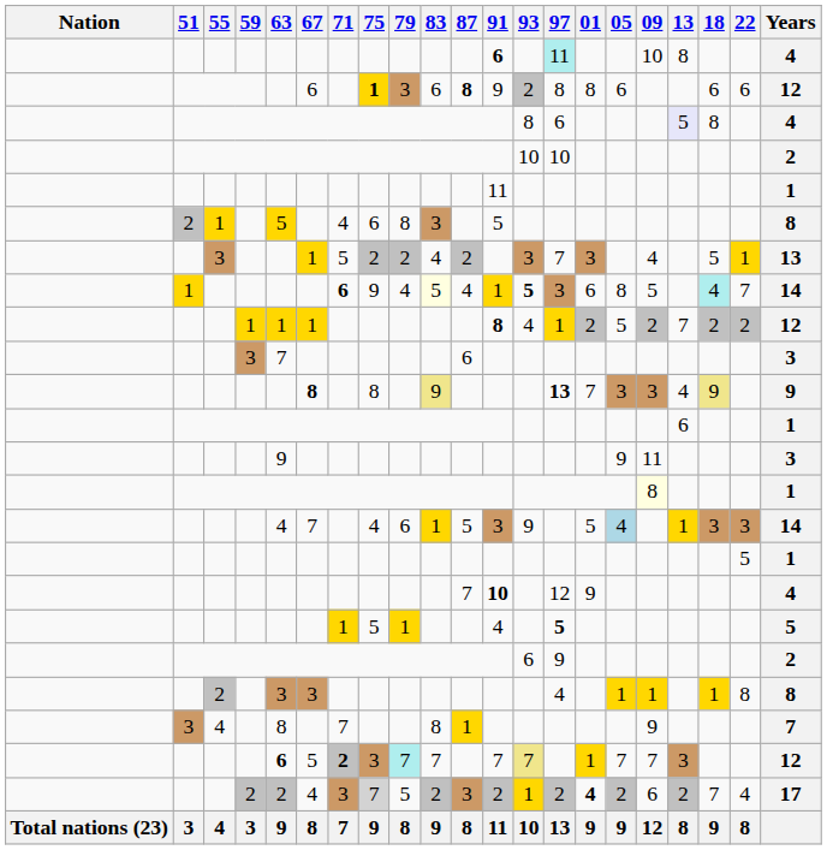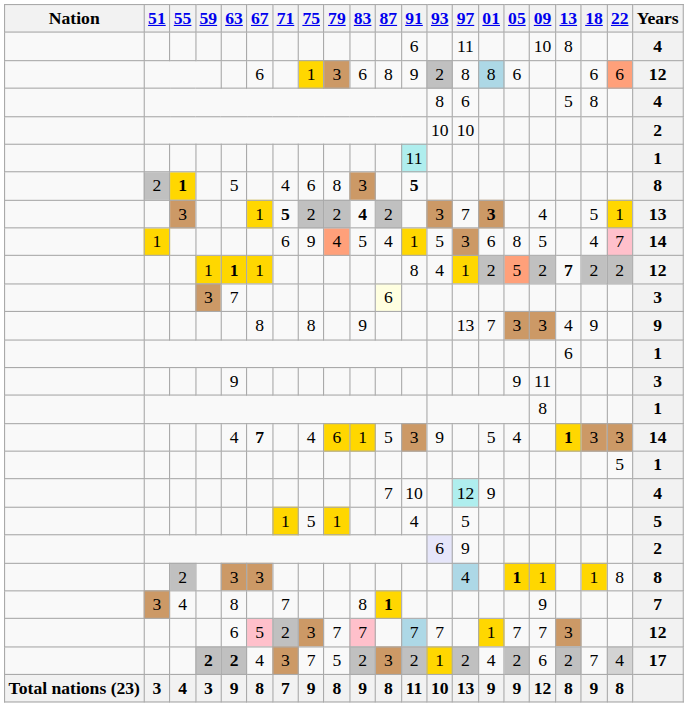 <table class="wikitable" style="text-align:center">
 <tr>
 <th>Nation</th>
 <th><a href='#'>51</a></th>
 <th><a href='#'>55</a></th>
 <th><a href='#'>59</a></th>
 <th><a href='#'>63</a></th>
 <th><a href='#'>67</a></th>
 <th><a href='#'>71</a></th>
 <th><a href='#'>75</a></th>
 <th><a href='#'>79</a></th>
 <th><a href='#'>83</a></th>
 <th><a href='#'>87</a></th>
 <th><a href='#'>91</a></th>
 <th><a href='#'>93</a></th>
 <th><a href='#'>97</a></th>
 <th><a href='#'>01</a></th>
 <th><a href='#'>05</a></th>
 <th><a href='#'>09</a></th>
 <th><a href='#'>13</a></th>
 <th><a href='#'>18</a></th>
 <th><a href='#'>22</a></th>
 <th>Years</th>
 </tr>
 <tr>
 <td align=left></td>
 <td></td>
 <td></td>
 <td></td>
 <td></td>
 <td></td>
 <td></td>
 <td></td>
 <td></td>
 <td></td>
 <td></td>
-<td><strong>6</strong></td>
+<td>6</td>
 <td></td>
-<td style="background: paleturquoise;">11</td>
+<td>11</td>
 <td></td>
 <td></td>
 <td>10</td>
 <td>8</td>
 <td></td>
 <td></td>
 <th>4</th>
 </tr>
 <tr>
 <td align=left></td>
 <td colspan="3"><em></em></td>
 <td></td>
 <td>6</td>
 <td></td>
-<td bgcolor=gold><strong>1</strong></td>
+<td bgcolor=gold>1</td>
 <td bgcolor=#cc9966>3</td>
 <td>6</td>
-<td><strong>8</strong></td>
+<td>8</td>
 <td>9</td>
 <td bgcolor=silver>2</td>
 <td>8</td>
-<td>8</td>
+<td style="background: lightblue;">8</td>
 <td>6</td>
 <td></td>
 <td></td>
 <td>6</td>
-<td>6</td>
+<td style="background: lightsalmon;">6</td>
 <th>12</th>
 </tr>
 <tr>
 <td align=left></td>
 <td colspan="11"><em></em></td>
 <td>8</td>
 <td>6</td>
 <td></td>
 <td></td>
 <td></td>
-<td style="background: lavender;">5</td>
+<td>5</td>
 <td>8</td>
 <td></td>
 <th>4</th>
 </tr>
 <tr>
 <td align=left></td>
 <td colspan="11"><em></em></td>
 <td>10</td>
 <td>10</td>
 <td></td>
 <td></td>
 <td></td>
 <td></td>
 <td></td>
 <td></td>
 <th>2</th>
 </tr>
 <tr>
 <td align=left></td>
 <td></td>
 <td></td>
 <td></td>
 <td></td>
 <td></td>
 <td></td>
 <td></td>
 <td></td>
 <td></td>
 <td></td>
-<td>11</td>
+<td style="background: paleturquoise;">11</td>
 <td></td>
 <td></td>
 <td></td>
 <td></td>
 <td></td>
 <td></td>
 <td></td>
 <td></td>
 <th>1</th>
 </tr>
 <tr>
 <td align=left></td>
 <td bgcolor=silver>2</td>
-<td bgcolor=gold>1</td>
+<td bgcolor=gold><strong>1</strong></td>
 <td></td>
-<td style="background: gold;">5</td>
+<td>5</td>
 <td></td>
 <td>4</td>
 <td>6</td>
 <td>8</td>
 <td bgcolor=#cc9966>3</td>
 <td></td>
-<td>5</td>
+<td><strong>5</strong></td>
 <td></td>
 <td></td>
 <td></td>
 <td></td>
 <td></td>
 <td></td>
 <td></td>
 <td></td>
 <th>8</th>
 </tr>
 <tr>
 <td align=left></td>
 <td></td>
 <td bgcolor=#cc9966>3</td>
 <td></td>
 <td></td>
 <td bgcolor=gold>1</td>
-<td>5</td>
+<td><strong>5</strong></td>
 <td bgcolor=silver>2</td>
 <td bgcolor=silver>2</td>
-<td>4</td>
+<td><strong>4</strong></td>
 <td bgcolor=silver>2</td>
 <td></td>
 <td bgcolor=#cc9966>3</td>
 <td>7</td>
-<td bgcolor=#cc9966>3</td>
+<td bgcolor=#cc9966><strong>3</strong></td>
 <td></td>
 <td>4</td>
 <td></td>
 <td>5</td>
 <td bgcolor=gold>1</td>
 <th>13</th>
 </tr>
 <tr>
 <td align=left></td>
 <td bgcolor=gold>1</td>
 <td></td>
 <td></td>
 <td></td>
 <td></td>
-<td><strong>6</strong></td>
+<td>6</td>
 <td>9</td>
-<td>4</td>
-<td style="background: lightyellow;">5</td>
+<td style="background: lightsalmon;">4</td>
+<td>5</td>
 <td>4</td>
 <td bgcolor=gold>1</td>
-<td><strong>5</strong></td>
+<td>5</td>
 <td bgcolor=#cc9966>3</td>
 <td>6</td>
 <td>8</td>
 <td>5</td>
 <td></td>
-<td style="background: paleturquoise;">4</td>
-<td>7</td>
+<td>4</td>
+<td style="background: pink;">7</td>
 <th>14</th>
 </tr>
 <tr>
 <td align=left></td>
 <td></td>
 <td></td>
 <td bgcolor=gold>1</td>
-<td bgcolor=gold>1</td>
+<td bgcolor=gold><strong>1</strong></td>
 <td bgcolor=gold>1</td>
 <td></td>
 <td></td>
 <td></td>
 <td></td>
 <td></td>
-<td><strong>8</strong></td>
+<td>8</td>
 <td>4</td>
 <td bgcolor=gold>1</td>
 <td bgcolor=silver>2</td>
-<td>5</td>
+<td style="background: lightsalmon;">5</td>
 <td bgcolor=silver>2</td>
-<td>7</td>
+<td><strong>7</strong></td>
 <td bgcolor=silver>2</td>
 <td bgcolor=silver>2</td>
 <th>12</th>
 </tr>
 <tr>
 <td align=left></td>
 <td></td>
 <td></td>
 <td bgcolor=#cc9966>3</td>
 <td>7</td>
 <td></td>
 <td></td>
 <td></td>
 <td></td>
 <td></td>
-<td>6</td>
+<td style="background: lightyellow;">6</td>
 <td></td>
 <td></td>
 <td></td>
 <td></td>
 <td></td>
 <td></td>
 <td></td>
 <td></td>
 <td></td>
 <th>3</th>
 </tr>
 <tr>
 <td align=left></td>
 <td></td>
 <td></td>
 <td></td>
 <td></td>
-<td><strong>8</strong></td>
+<td>8</td>
 <td></td>
 <td>8</td>
 <td></td>
-<td style="background: khaki;">9</td>
+<td>9</td>
 <td></td>
 <td></td>
 <td></td>
-<td><strong>13</strong></td>
+<td>13</td>
 <td>7</td>
 <td bgcolor=#cc9966>3</td>
 <td bgcolor=#cc9966>3</td>
 <td>4</td>
-<td style="background: khaki;">9</td>
+<td>9</td>
 <td></td>
 <th>9</th>
 </tr>
 <tr>
 <td align=left></td>
 <td colspan="11"><em></em></td>
 <td></td>
 <td></td>
 <td></td>
 <td></td>
 <td></td>
 <td>6</td>
 <td></td>
 <td></td>
 <th>1</th>
 </tr>
 <tr>
 <td align=left></td>
 <td></td>
 <td></td>
 <td></td>
 <td>9</td>
 <td></td>
 <td></td>
 <td></td>
 <td></td>
 <td></td>
 <td></td>
 <td></td>
 <td></td>
 <td></td>
 <td></td>
 <td>9</td>
 <td>11</td>
 <td></td>
 <td></td>
 <td></td>
 <th>3</th>
 </tr>
 <tr>
 <td align=left></td>
 <td colspan="11"><em></em></td>
 <td colspan="4"></td>
-<td style="background: lightyellow;">8</td>
+<td>8</td>
 <td></td>
 <td></td>
 <td></td>
 <th>1</th>
 </tr>
 <tr>
 <td align=left></td>
 <td></td>
 <td></td>
 <td></td>
 <td>4</td>
-<td>7</td>
+<td><strong>7</strong></td>
 <td><em></em></td>
 <td>4</td>
-<td>6</td>
+<td style="background: gold;">6</td>
 <td bgcolor=gold>1</td>
 <td>5</td>
 <td bgcolor=#cc9966>3</td>
 <td>9</td>
 <td></td>
 <td>5</td>
-<td style="background: lightblue;">4</td>
+<td>4</td>
 <td><em></em></td>
-<td bgcolor=gold>1</td>
+<td bgcolor=gold><strong>1</strong></td>
 <td bgcolor=#cc9966>3</td>
 <td bgcolor=#cc9966>3</td>
 <th>14</th>
 </tr>
 <tr>
 <td align=left></td>
 <td></td>
 <td></td>
 <td></td>
 <td></td>
 <td></td>
 <td></td>
 <td></td>
 <td></td>
 <td></td>
 <td></td>
 <td></td>
 <td></td>
 <td></td>
 <td></td>
 <td></td>
 <td></td>
 <td></td>
 <td></td>
 <td>5</td>
 <th>1</th>
 </tr>
 <tr>
 <td align=left></td>
 <td></td>
 <td></td>
 <td></td>
 <td></td>
 <td></td>
 <td></td>
 <td></td>
 <td></td>
 <td></td>
 <td>7</td>
-<td><strong>10</strong></td>
+<td>10</td>
 <td></td>
-<td>12</td>
+<td style="background: paleturquoise;">12</td>
 <td>9</td>
 <td></td>
 <td></td>
 <td></td>
 <td></td>
 <td></td>
 <th>4</th>
 </tr>
 <tr>
 <td align="left"></td>
 <td></td>
 <td></td>
 <td></td>
 <td></td>
 <td></td>
 <td bgcolor="gold">1</td>
 <td>5</td>
 <td bgcolor="gold">1</td>
 <td></td>
 <td></td>
 <td>4</td>
 <td></td>
-<td><strong>5</strong></td>
+<td>5</td>
 <td></td>
 <td></td>
 <td></td>
 <td></td>
 <td></td>
 <td></td>
 <th>5</th>
 </tr>
 <tr>
 <td align=left></td>
 <td colspan="11"><em></em></td>
-<td>6</td>
+<td style="background: lavender;">6</td>
 <td>9</td>
 <td></td>
 <td></td>
 <td></td>
 <td></td>
 <td></td>
 <td></td>
 <th>2</th>
 </tr>
 <tr>
 <td align=left></td>
 <td></td>
 <td bgcolor=silver>2</td>
 <td></td>
 <td bgcolor=#cc9966>3</td>
 <td bgcolor=#cc9966>3</td>
 <td></td>
 <td></td>
 <td></td>
 <td></td>
 <td></td>
 <td></td>
 <td></td>
-<td>4</td>
+<td style="background: lightblue;">4</td>
 <td></td>
-<td bgcolor=gold>1</td>
+<td bgcolor=gold><strong>1</strong></td>
 <td bgcolor=gold>1</td>
 <td></td>
 <td bgcolor=gold>1</td>
 <td>8</td>
 <th>8</th>
 </tr>
 <tr>
 <td align=left></td>
 <td bgcolor=#cc9966>3</td>
 <td>4</td>
 <td></td>
 <td>8</td>
 <td></td>
 <td>7</td>
 <td></td>
 <td></td>
 <td>8</td>
-<td bgcolor=gold>1</td>
+<td bgcolor=gold><strong>1</strong></td>
 <td></td>
 <td></td>
 <td></td>
 <td></td>
 <td></td>
 <td>9</td>
 <td></td>
 <td></td>
 <td></td>
 <th>7</th>
 </tr>
 <tr>
 <td align=left></td>
 <td></td>
 <td></td>
 <td></td>
-<td><strong>6</strong></td>
-<td>5</td>
-<td bgcolor=silver><strong>2</strong></td>
+<td>6</td>
+<td style="background: pink;">5</td>
+<td bgcolor=silver>2</td>
 <td bgcolor=#cc9966>3</td>
-<td style="background: paleturquoise;">7</td>
 <td>7</td>
+<td style="background: pink;">7</td>
 <td></td>
+<td style="background: lightblue;">7</td>
 <td>7</td>
-<td style="background: khaki;">7</td>
 <td></td>
 <td bgcolor=gold>1</td>
 <td>7</td>
 <td>7</td>
 <td bgcolor=#cc9966>3</td>
 <td></td>
 <td></td>
 <th>12</th>
 </tr>
 <tr>
 <td align=left></td>
 <td></td>
 <td></td>
-<td bgcolor=silver>2</td>
-<td bgcolor=silver>2</td>
+<td bgcolor=silver><strong>2</strong></td>
+<td bgcolor=silver><strong>2</strong></td>
 <td>4</td>
 <td bgcolor=#cc9966>3</td>
-<td style="background: lightgrey;">7</td>
+<td>7</td>
 <td>5</td>
 <td bgcolor=silver>2</td>
 <td bgcolor=#cc9966>3</td>
 <td bgcolor=silver>2</td>
 <td bgcolor=gold>1</td>
 <td bgcolor=silver>2</td>
-<td><strong>4</strong></td>
+<td>4</td>
 <td bgcolor=silver>2</td>
 <td>6</td>
 <td bgcolor=silver>2</td>
 <td>7</td>
-<td>4</td>
+<td style="background: lightgrey;">4</td>
 <th>17</th>
 </tr>
 <tr>
 <th align=left>Total nations (23)</th>
 <th>3</th>
 <th>4</th>
 <th>3</th>
 <th>9</th>
 <th>8</th>
 <th>7</th>
 <th>9</th>
 <th>8</th>
 <th>9</th>
 <th>8</th>
 <th>11</th>
 <th>10</th>
 <th>13</th>
 <th>9</th>
 <th>9</th>
 <th>12</th>
 <th>8</th>
 <th>9</th>
 <th>8</th>
 <th></th>
 </tr>
 </table>
